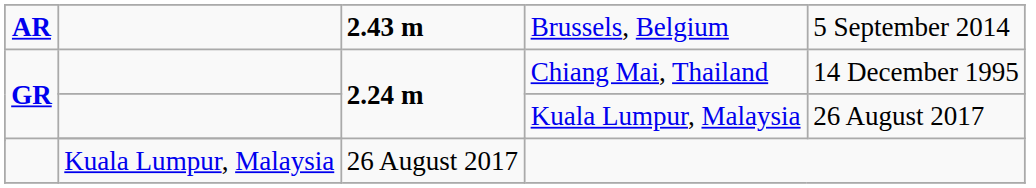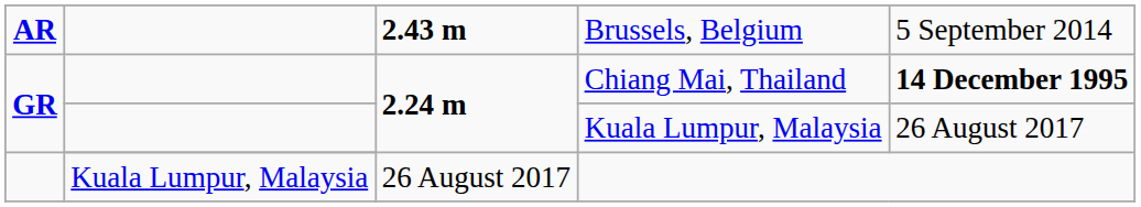 <table class="wikitable" style="font-size:95%; position:relative;">
 <tr>
 <td align=center><strong><a href='#'>AR</a></strong></td>
 <td></td>
 <td><strong>2.43 m</strong></td>
 <td><a href='#'>Brussels</a>, <a href='#'>Belgium</a></td>
 <td>5 September 2014</td>
 </tr>
 <tr>
 <td rowspan=3 align=center><strong><a href='#'>GR</a></strong></td>
 <td></td>
 <td rowspan=3><strong>2.24 m</strong></td>
 <td><a href='#'>Chiang Mai</a>, <a href='#'>Thailand</a></td>
-<td>14 December 1995</td>
+<td><strong>14 December 1995</strong></td>
 </tr>
 <tr>
 <td></td>
 <td><a href='#'>Kuala Lumpur</a>, <a href='#'>Malaysia</a></td>
 <td>26 August 2017</td>
 </tr>
 <tr>
 </tr>
 <tr>
 <td></td>
 <td><a href='#'>Kuala Lumpur</a>, <a href='#'>Malaysia</a></td>
 <td>26 August 2017</td>
 </tr>
 </table>
